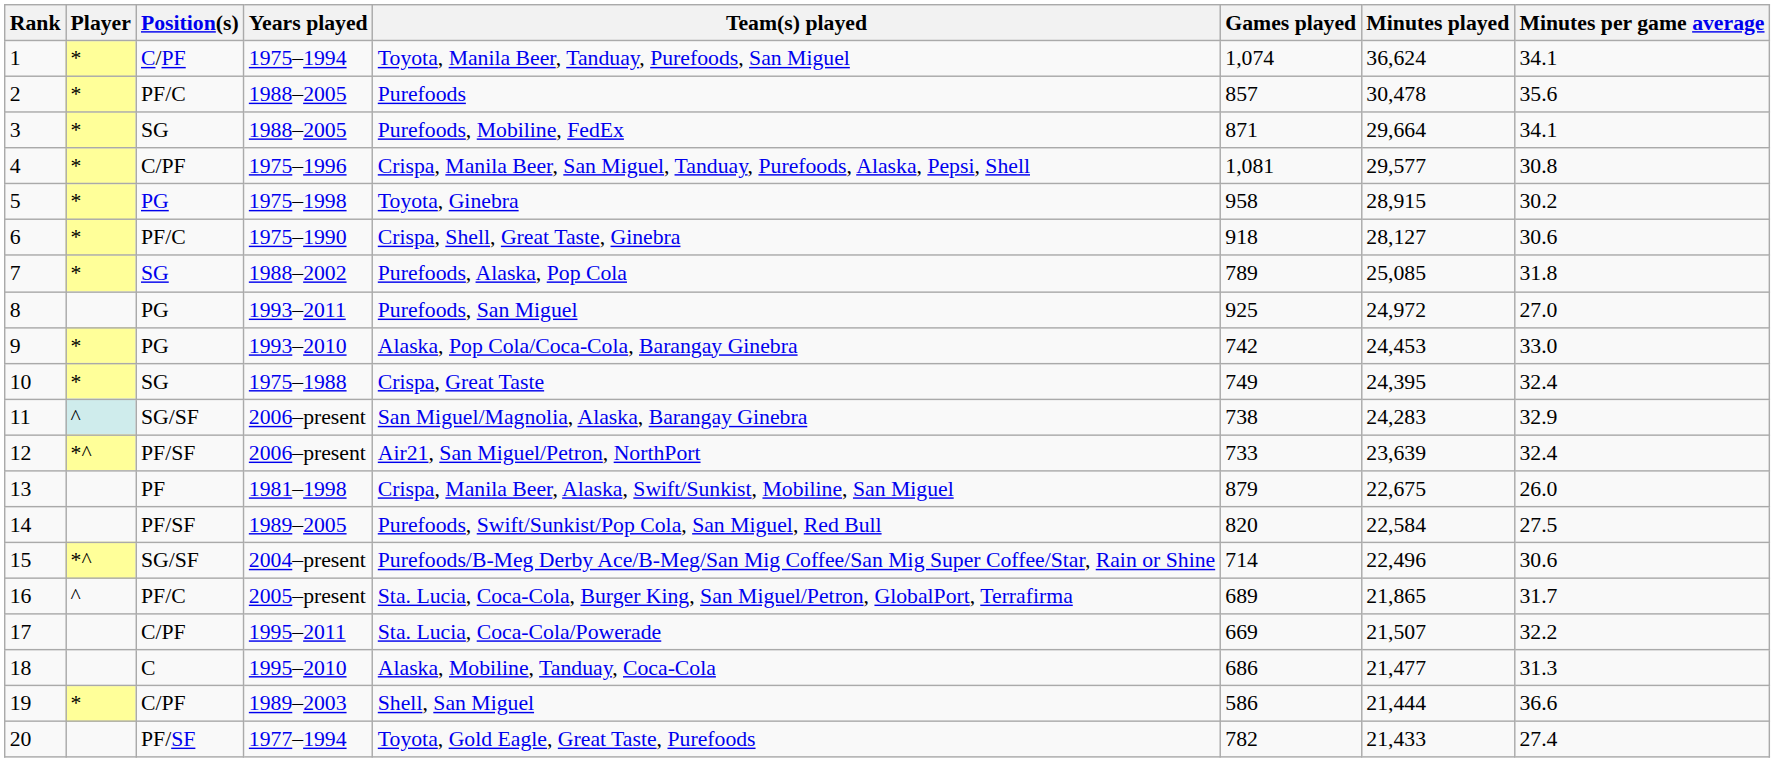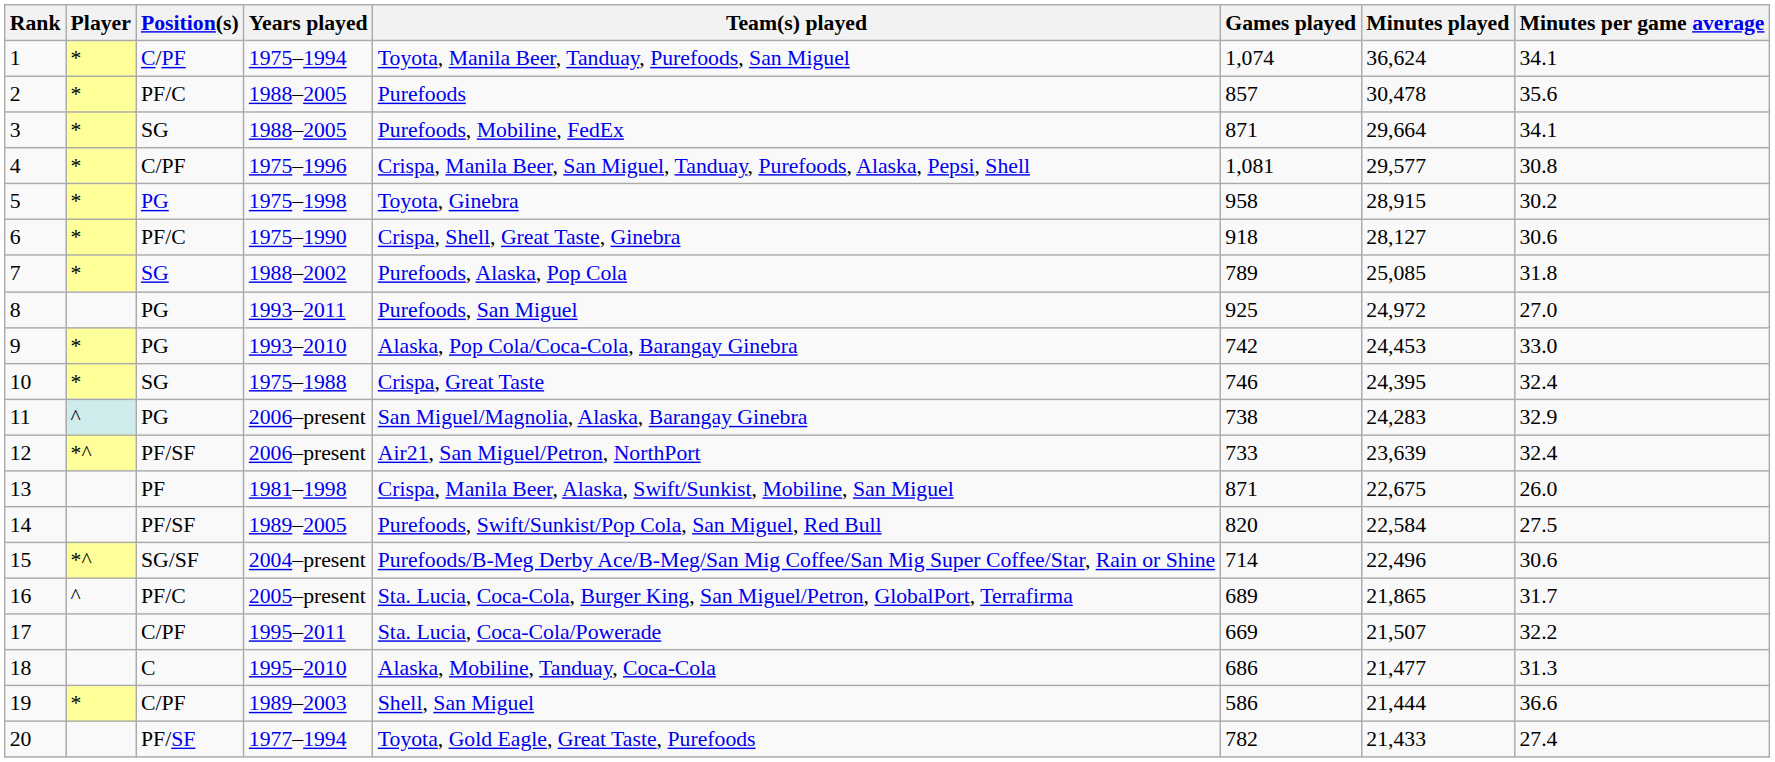 <table class="wikitable sortable" style="font-size: 95%;">
 <tr>
 <th>Rank</th>
 <th>Player</th>
 <th><a href='#'>Position</a>(s)</th>
 <th>Years played</th>
 <th class="unsortable">Team(s) played</th>
 <th>Games played</th>
 <th>Minutes played</th>
 <th>Minutes per game <a href='#'>average</a></th>
 </tr>
 <tr>
 <td>1</td>
 <td bgcolor="#FFFF99">*</td>
 <td><a href='#'>C</a>/<a href='#'>PF</a></td>
 <td><a href='#'>1975</a>–<a href='#'>1994</a></td>
 <td><a href='#'>Toyota</a>, <a href='#'>Manila Beer</a>, <a href='#'>Tanduay</a>, <a href='#'>Purefoods</a>, <a href='#'>San Miguel</a></td>
 <td>1,074</td>
 <td>36,624</td>
 <td>34.1</td>
 </tr>
 <tr>
 <td>2</td>
 <td bgcolor="#FFFF99">*</td>
 <td>PF/C</td>
 <td><a href='#'>1988</a>–<a href='#'>2005</a></td>
 <td><a href='#'>Purefoods</a></td>
 <td>857</td>
 <td>30,478</td>
 <td>35.6</td>
 </tr>
 <tr>
 <td>3</td>
 <td bgcolor="#FFFF99">*</td>
 <td>SG</td>
 <td><a href='#'>1988</a>–<a href='#'>2005</a></td>
 <td><a href='#'>Purefoods</a>, <a href='#'>Mobiline</a>, <a href='#'>FedEx</a></td>
 <td>871</td>
 <td>29,664</td>
 <td>34.1</td>
 </tr>
 <tr>
 <td>4</td>
 <td bgcolor="#FFFF99">*</td>
 <td>C/PF</td>
 <td><a href='#'>1975</a>–<a href='#'>1996</a></td>
 <td><a href='#'>Crispa</a>, <a href='#'>Manila Beer</a>, <a href='#'>San Miguel</a>, <a href='#'>Tanduay</a>, <a href='#'>Purefoods</a>, <a href='#'>Alaska</a>, <a href='#'>Pepsi</a>, <a href='#'>Shell</a></td>
 <td>1,081</td>
 <td>29,577</td>
 <td>30.8</td>
 </tr>
 <tr>
 <td>5</td>
 <td bgcolor="#FFFF99">*</td>
 <td><a href='#'>PG</a></td>
 <td><a href='#'>1975</a>–<a href='#'>1998</a></td>
 <td><a href='#'>Toyota</a>, <a href='#'>Ginebra</a></td>
 <td>958</td>
 <td>28,915</td>
 <td>30.2</td>
 </tr>
 <tr>
 <td>6</td>
 <td bgcolor="#FFFF99">*</td>
 <td>PF/C</td>
 <td><a href='#'>1975</a>–<a href='#'>1990</a></td>
 <td><a href='#'>Crispa</a>, <a href='#'>Shell</a>, <a href='#'>Great Taste</a>, <a href='#'>Ginebra</a></td>
 <td>918</td>
 <td>28,127</td>
 <td>30.6</td>
 </tr>
 <tr>
 <td>7</td>
 <td bgcolor="#FFFF99">*</td>
 <td><a href='#'>SG</a></td>
 <td><a href='#'>1988</a>–<a href='#'>2002</a></td>
 <td><a href='#'>Purefoods</a>, <a href='#'>Alaska</a>, <a href='#'>Pop Cola</a></td>
 <td>789</td>
 <td>25,085</td>
 <td>31.8</td>
 </tr>
 <tr>
 <td>8</td>
 <td></td>
 <td>PG</td>
 <td><a href='#'>1993</a>–<a href='#'>2011</a></td>
 <td><a href='#'>Purefoods</a>, <a href='#'>San Miguel</a></td>
 <td>925</td>
 <td>24,972</td>
 <td>27.0</td>
 </tr>
 <tr>
 <td>9</td>
 <td bgcolor="#FFFF99">*</td>
 <td>PG</td>
 <td><a href='#'>1993</a>–<a href='#'>2010</a></td>
 <td><a href='#'>Alaska</a>, <a href='#'>Pop Cola/Coca-Cola</a>, <a href='#'>Barangay Ginebra</a></td>
 <td>742</td>
 <td>24,453</td>
 <td>33.0</td>
 </tr>
 <tr>
 <td>10</td>
 <td bgcolor="#FFFF99">*</td>
 <td>SG</td>
 <td><a href='#'>1975</a>–<a href='#'>1988</a></td>
 <td><a href='#'>Crispa</a>, <a href='#'>Great Taste</a></td>
-<td>749</td>
+<td>746</td>
 <td>24,395</td>
 <td>32.4</td>
 </tr>
 <tr>
 <td>11</td>
 <td style="background:#CFECEC"><em></em>^</td>
-<td>SG/SF</td>
+<td>PG</td>
 <td><a href='#'>2006</a>–present</td>
 <td><a href='#'>San Miguel/Magnolia</a>, <a href='#'>Alaska</a>, <a href='#'>Barangay Ginebra</a></td>
 <td>738</td>
 <td>24,283</td>
 <td>32.9</td>
 </tr>
 <tr>
 <td>12</td>
 <td style="background:#FFFF99"><em></em>*^</td>
 <td>PF/SF</td>
 <td><a href='#'>2006</a>–present</td>
 <td><a href='#'>Air21</a>, <a href='#'>San Miguel/Petron</a>, <a href='#'>NorthPort</a></td>
 <td>733</td>
 <td>23,639</td>
 <td>32.4</td>
 </tr>
 <tr>
 <td>13</td>
 <td></td>
 <td>PF</td>
 <td><a href='#'>1981</a>–<a href='#'>1998</a></td>
 <td><a href='#'>Crispa</a>, <a href='#'>Manila Beer</a>, <a href='#'>Alaska</a>, <a href='#'>Swift/Sunkist</a>, <a href='#'>Mobiline</a>, <a href='#'>San Miguel</a></td>
-<td>879</td>
+<td>871</td>
 <td>22,675</td>
 <td>26.0</td>
 </tr>
 <tr>
 <td>14</td>
 <td></td>
 <td>PF/SF</td>
 <td><a href='#'>1989</a>–<a href='#'>2005</a></td>
 <td><a href='#'>Purefoods</a>, <a href='#'>Swift/Sunkist/Pop Cola</a>, <a href='#'>San Miguel</a>, <a href='#'>Red Bull</a></td>
 <td>820</td>
 <td>22,584</td>
 <td>27.5</td>
 </tr>
 <tr>
 <td>15</td>
 <td style="background:#FFFF99"><em></em>*^</td>
 <td>SG/SF</td>
 <td><a href='#'>2004</a>–present</td>
 <td><a href='#'>Purefoods/B-Meg Derby Ace/B-Meg/San Mig Coffee/San Mig Super Coffee/Star</a>, <a href='#'>Rain or Shine</a></td>
 <td>714</td>
 <td>22,496</td>
 <td>30.6</td>
 </tr>
 <tr>
 <td>16</td>
 <td><em></em>^</td>
 <td>PF/C</td>
 <td><a href='#'>2005</a>–present</td>
 <td><a href='#'>Sta. Lucia</a>, <a href='#'>Coca-Cola</a>, <a href='#'>Burger King</a>, <a href='#'>San Miguel/Petron</a>, <a href='#'>GlobalPort</a>, <a href='#'>Terrafirma</a></td>
 <td>689</td>
 <td>21,865</td>
 <td>31.7</td>
 </tr>
 <tr>
 <td>17</td>
 <td></td>
 <td>C/PF</td>
 <td><a href='#'>1995</a>–<a href='#'>2011</a></td>
 <td><a href='#'>Sta. Lucia</a>, <a href='#'>Coca-Cola/Powerade</a></td>
 <td>669</td>
 <td>21,507</td>
 <td>32.2</td>
 </tr>
 <tr>
 <td>18</td>
 <td></td>
 <td>C</td>
 <td><a href='#'>1995</a>–<a href='#'>2010</a></td>
 <td><a href='#'>Alaska</a>, <a href='#'>Mobiline</a>, <a href='#'>Tanduay</a>, <a href='#'>Coca-Cola</a></td>
 <td>686</td>
 <td>21,477</td>
 <td>31.3</td>
 </tr>
 <tr>
 <td>19</td>
 <td bgcolor="#FFFF99">*</td>
 <td>C/PF</td>
 <td><a href='#'>1989</a>–<a href='#'>2003</a></td>
 <td><a href='#'>Shell</a>, <a href='#'>San Miguel</a></td>
 <td>586</td>
 <td>21,444</td>
 <td>36.6</td>
 </tr>
 <tr>
 <td>20</td>
 <td></td>
 <td>PF/<a href='#'>SF</a></td>
 <td><a href='#'>1977</a>–<a href='#'>1994</a></td>
 <td><a href='#'>Toyota</a>, <a href='#'>Gold Eagle</a>, <a href='#'>Great Taste</a>, <a href='#'>Purefoods</a></td>
 <td>782</td>
 <td>21,433</td>
 <td>27.4</td>
 </tr>
 </table>
